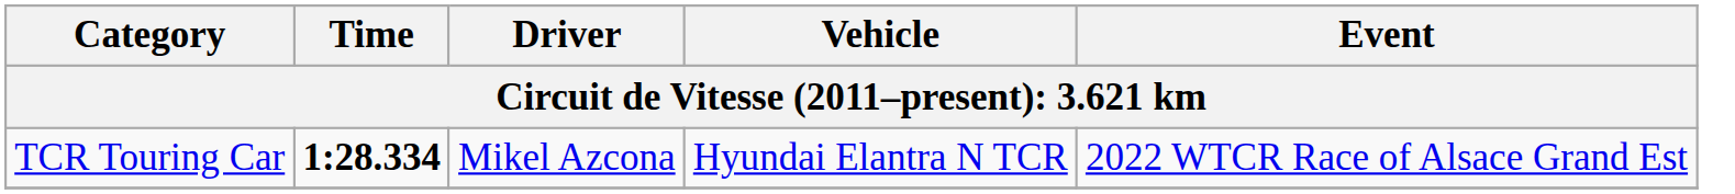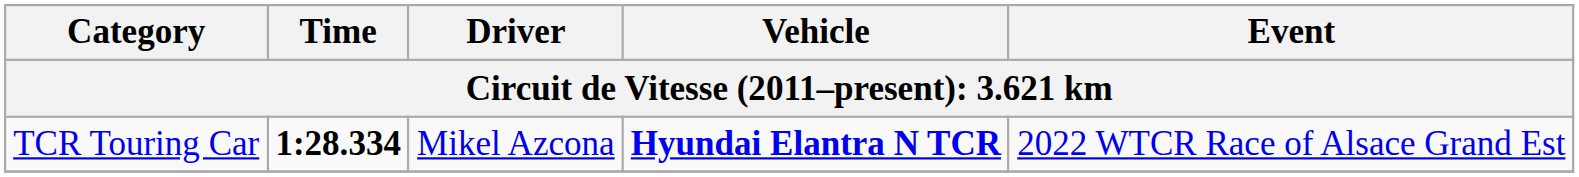 <table class="wikitable">
 <tr>
 <th>Category</th>
 <th>Time</th>
 <th>Driver</th>
 <th>Vehicle</th>
 <th>Event</th>
 </tr>
 <tr>
 <th colspan=5>Circuit de Vitesse (2011–present): 3.621 km</th>
 </tr>
 <tr>
 <td><a href='#'>TCR Touring Car</a></td>
 <td><strong>1:28.334</strong></td>
 <td><a href='#'>Mikel Azcona</a></td>
-<td><a href='#'>Hyundai Elantra N TCR</a></td>
+<td><strong><a href='#'>Hyundai Elantra N TCR</a></strong></td>
 <td><a href='#'>2022 WTCR Race of Alsace Grand Est</a></td>
 </tr>
 <tr>
 </tr>
 </table>
